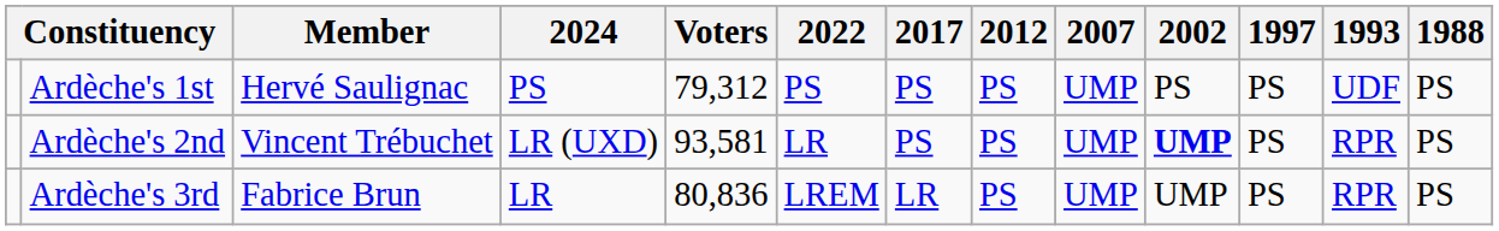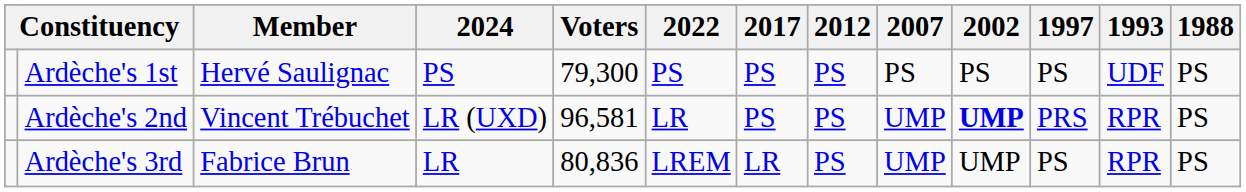 <table class="wikitable sortable">
 <tr>
 <th colspan="2">Constituency</th>
 <th>Member</th>
 <th>2024</th>
 <th>Voters</th>
 <th>2022</th>
 <th>2017</th>
 <th>2012</th>
 <th>2007</th>
 <th>2002</th>
 <th>1997</th>
 <th>1993</th>
 <th>1988</th>
 </tr>
 <tr>
 <td style="background-color: "></td>
 <td><a href='#'>Ardèche's 1st</a></td>
 <td><a href='#'>Hervé Saulignac</a></td>
 <td bgcolor=><a href='#'>PS</a></td>
-<td>79,312</td>
+<td>79,300</td>
 <td bgcolor=><a href='#'>PS</a></td>
 <td><a href='#'>PS</a></td>
 <td bgcolor=><a href='#'>PS</a></td>
-<td bgcolor=><a href='#'>UMP</a></td>
+<td bgcolor=>PS</td>
 <td bgcolor=>PS</td>
 <td bgcolor=>PS</td>
 <td bgcolor=><a href='#'>UDF</a></td>
 <td bgcolor=>PS</td>
 </tr>
 <tr>
 <td style="background-color: "></td>
 <td><a href='#'>Ardèche's 2nd</a></td>
 <td><a href='#'>Vincent Trébuchet</a></td>
 <td><a href='#'>LR</a> (<a href='#'>UXD</a>)</td>
-<td>93,581</td>
+<td>96,581</td>
 <td><a href='#'>LR</a></td>
 <td><a href='#'>PS</a></td>
 <td bgcolor=><a href='#'>PS</a></td>
 <td bgcolor=><a href='#'>UMP</a></td>
 <td bgcolor=><strong><a href='#'>UMP</a></strong></td>
-<td bgcolor=>PS</td>
+<td bgcolor=><a href='#'>PRS</a></td>
 <td bgcolor=><a href='#'>RPR</a></td>
 <td bgcolor=>PS</td>
 </tr>
 <tr>
 <td style="background-color: "></td>
 <td><a href='#'>Ardèche's 3rd</a></td>
 <td><a href='#'>Fabrice Brun</a></td>
 <td><a href='#'>LR</a></td>
 <td>80,836</td>
 <td><a href='#'>LREM</a></td>
 <td><a href='#'>LR</a></td>
 <td bgcolor=><a href='#'>PS</a></td>
 <td bgcolor=><a href='#'>UMP</a></td>
 <td bgcolor=>UMP</td>
 <td bgcolor=>PS</td>
 <td bgcolor=><a href='#'>RPR</a></td>
 <td bgcolor=>PS</td>
 </tr>
 </table>
